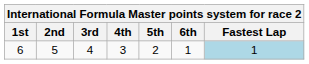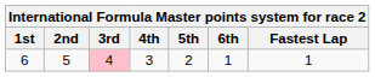 <table class="wikitable" style="font-size:95%; text-align:center">
 <tr>
 <th colspan="9">International Formula Master points system for race 2</th>
 </tr>
 <tr>
 <th>1st</th>
 <th>2nd</th>
 <th>3rd</th>
 <th>4th</th>
 <th>5th</th>
 <th>6th</th>
 <th>Fastest Lap</th>
 </tr>
 <tr>
 <td>6</td>
 <td>5</td>
-<td>4</td>
+<td style="background: pink;">4</td>
 <td>3</td>
 <td>2</td>
 <td>1</td>
-<td style="background: lightblue;">1</td>
+<td>1</td>
 </tr>
 </table>
